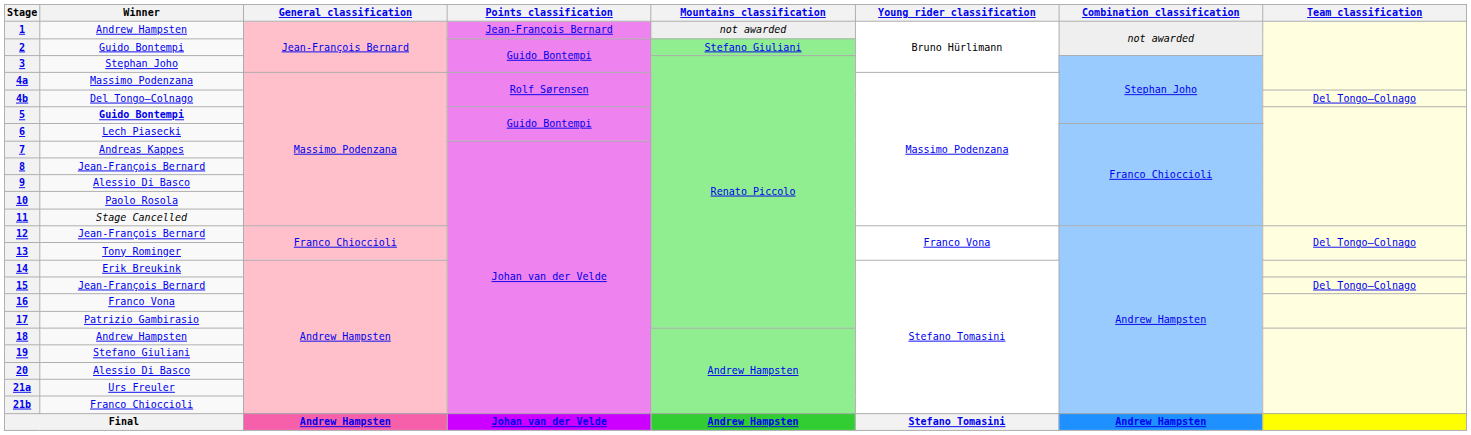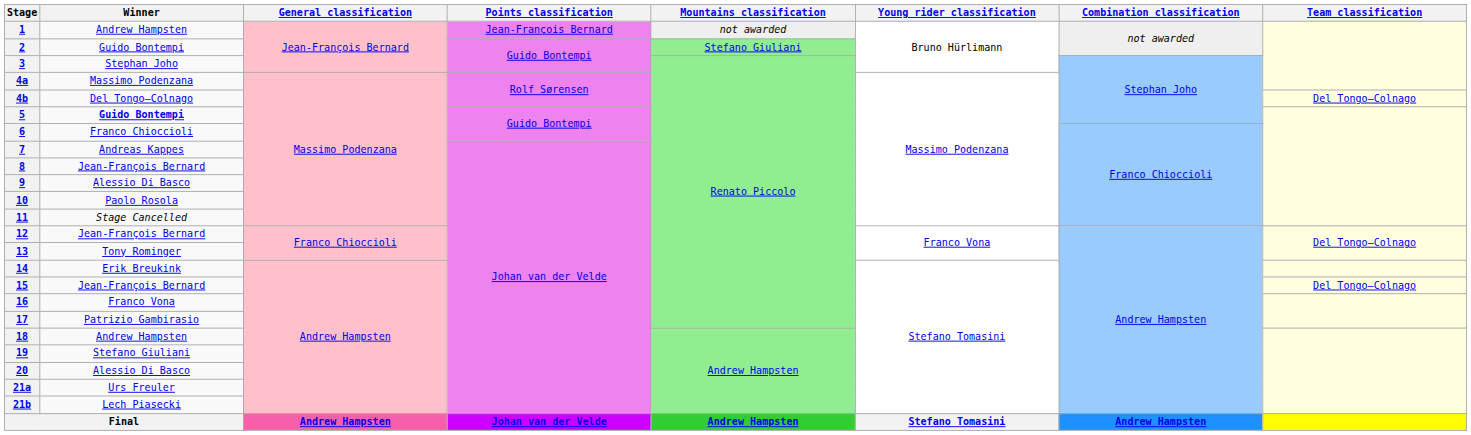 <table class="wikitable" style="text-align:center; font-size:smaller; clear:both;">
 <tr>
 <th scope="col" style="width:1%;">Stage</th>
 <th scope="col" style="width:14%;">Winner</th>
 <th scope="col" style="width:14%;"><a href='#'>General classification</a><br></th>
 <th scope="col" style="width:14%;"><a href='#'>Points classification</a><br></th>
 <th scope="col" style="width:14%;"><a href='#'>Mountains classification</a><br></th>
 <th scope="col" style="width:14%;"><a href='#'>Young rider classification</a><br></th>
 <th scope="col" style="width:14%;"><a href='#'>Combination classification</a><br></th>
 <th scope="col" style="width:14%;"><a href='#'>Team classification</a></th>
 </tr>
 <tr>
 <th scope="row"><a href='#'>1</a></th>
 <td><a href='#'>Andrew Hampsten</a></td>
 <td style="background:pink;" rowspan=3><a href='#'>Jean-François Bernard</a></td>
 <td style="background:violet;"><a href='#'>Jean-François Bernard</a></td>
 <td style="background:#EFEFEF;"><em>not awarded</em></td>
 <td style="background:white;" rowspan=3>Bruno Hürlimann</td>
 <td style="background:#EFEFEF;" rowspan=2><em>not awarded</em></td>
 <td style="background:lightyellow;" rowspan=4></td>
 </tr>
 <tr>
 <th scope="row"><a href='#'>2</a></th>
 <td><a href='#'>Guido Bontempi</a></td>
 <td style="background:violet;" rowspan=2><a href='#'>Guido Bontempi</a></td>
 <td style="background:lightgreen;"><a href='#'>Stefano Giuliani</a></td>
 </tr>
 <tr>
 <th scope="row"><a href='#'>3</a></th>
 <td><a href='#'>Stephan Joho</a></td>
 <td style="background:lightgreen;" rowspan=16><a href='#'>Renato Piccolo</a></td>
 <td style="background:#99CBFF;" rowspan=4><a href='#'>Stephan Joho</a></td>
 </tr>
 <tr>
 <th scope="row"><a href='#'>4a</a></th>
 <td><a href='#'>Massimo Podenzana</a></td>
 <td style="background:pink;" rowspan=9><a href='#'>Massimo Podenzana</a></td>
 <td style="background:violet;" rowspan=2><a href='#'>Rolf Sørensen</a></td>
 <td style="background:white;" rowspan=9><a href='#'>Massimo Podenzana</a></td>
 </tr>
 <tr>
 <th scope="row"><a href='#'>4b</a></th>
 <td><a href='#'>Del Tongo–Colnago</a></td>
 <td style="background:lightyellow;"><a href='#'>Del Tongo–Colnago</a></td>
 </tr>
 <tr>
 <th scope="row"><a href='#'>5</a></th>
 <td><strong><a href='#'>Guido Bontempi</a></strong></td>
 <td style="background:violet;" rowspan=2><a href='#'>Guido Bontempi</a></td>
 <td style="background:lightyellow;" rowspan=7></td>
 </tr>
 <tr>
 <th scope="row"><a href='#'>6</a></th>
-<td><a href='#'>Lech Piasecki</a></td>
+<td><a href='#'>Franco Chioccioli</a></td>
 <td style="background:#99CBFF;" rowspan=6><a href='#'>Franco Chioccioli</a></td>
 </tr>
 <tr>
 <th scope="row"><a href='#'>7</a></th>
 <td><a href='#'>Andreas Kappes</a></td>
 <td style="background:violet;" rowspan=16><a href='#'>Johan van der Velde</a></td>
 </tr>
 <tr>
 <th scope="row"><a href='#'>8</a></th>
 <td><a href='#'>Jean-François Bernard</a></td>
 </tr>
 <tr>
 <th scope="row"><a href='#'>9</a></th>
 <td><a href='#'>Alessio Di Basco</a></td>
 </tr>
 <tr>
 <th scope="row"><a href='#'>10</a></th>
 <td><a href='#'>Paolo Rosola</a></td>
 </tr>
 <tr>
 <th scope="row"><a href='#'>11</a></th>
 <td><em>Stage Cancelled</em></td>
 </tr>
 <tr>
 <th scope="row"><a href='#'>12</a></th>
 <td><a href='#'>Jean-François Bernard</a></td>
 <td style="background:pink;" rowspan=2><a href='#'>Franco Chioccioli</a></td>
 <td style="background:white;" rowspan=2><a href='#'>Franco Vona</a></td>
 <td style="background:#99CBFF;" rowspan=11><a href='#'>Andrew Hampsten</a></td>
 <td style="background:lightyellow;" rowspan=2><a href='#'>Del Tongo–Colnago</a></td>
 </tr>
 <tr>
 <th scope="row"><a href='#'>13</a></th>
 <td><a href='#'>Tony Rominger</a></td>
 </tr>
 <tr>
 <th scope="row"><a href='#'>14</a></th>
 <td><a href='#'>Erik Breukink</a></td>
 <td style="background:pink;" rowspan=9><a href='#'>Andrew Hampsten</a></td>
 <td style="background:white;" rowspan=9><a href='#'>Stefano Tomasini</a></td>
 <td style="background:lightyellow;"></td>
 </tr>
 <tr>
 <th scope="row"><a href='#'>15</a></th>
 <td><a href='#'>Jean-François Bernard</a></td>
 <td style="background:lightyellow;"><a href='#'>Del Tongo–Colnago</a></td>
 </tr>
 <tr>
 <th scope="row"><a href='#'>16</a></th>
 <td><a href='#'>Franco Vona</a></td>
 <td style="background:lightyellow;" rowspan=2></td>
 </tr>
 <tr>
 <th scope="row"><a href='#'>17</a></th>
 <td><a href='#'>Patrizio Gambirasio</a></td>
 </tr>
 <tr>
 <th scope="row"><a href='#'>18</a></th>
 <td><a href='#'>Andrew Hampsten</a></td>
 <td style="background:lightgreen;" rowspan=5><a href='#'>Andrew Hampsten</a></td>
 <td style="background:lightyellow;" rowspan=5></td>
 </tr>
 <tr>
 <th scope="row"><a href='#'>19</a></th>
 <td><a href='#'>Stefano Giuliani</a></td>
 </tr>
 <tr>
 <th scope="row"><a href='#'>20</a></th>
 <td><a href='#'>Alessio Di Basco</a></td>
 </tr>
 <tr>
 <th scope="row"><a href='#'>21a</a></th>
 <td><a href='#'>Urs Freuler</a></td>
 </tr>
 <tr>
 <th scope="row"><a href='#'>21b</a></th>
-<td><a href='#'>Franco Chioccioli</a></td>
+<td><a href='#'>Lech Piasecki</a></td>
 </tr>
 <tr>
 <th colspan=2>Final</th>
 <th style="background:#F660AB;"><strong><a href='#'>Andrew Hampsten</a></strong></th>
 <th style="background:#c0f;"><strong><a href='#'>Johan van der Velde</a></strong></th>
 <th style="background:#32CD32;"><strong><a href='#'>Andrew Hampsten</a></strong></th>
 <th style="background:offwhite;"><strong><a href='#'>Stefano Tomasini</a></strong></th>
 <th style="background:dodgerblue;"><strong><a href='#'>Andrew Hampsten</a></strong></th>
 <th style="background:yellow;"><strong></strong></th>
 </tr>
 </table>
